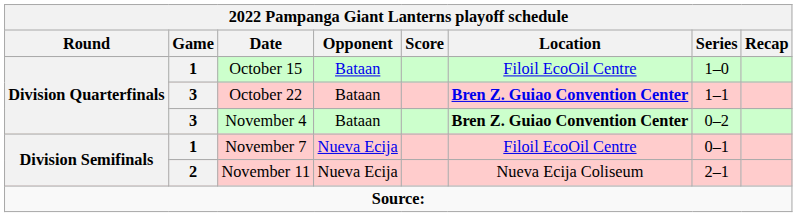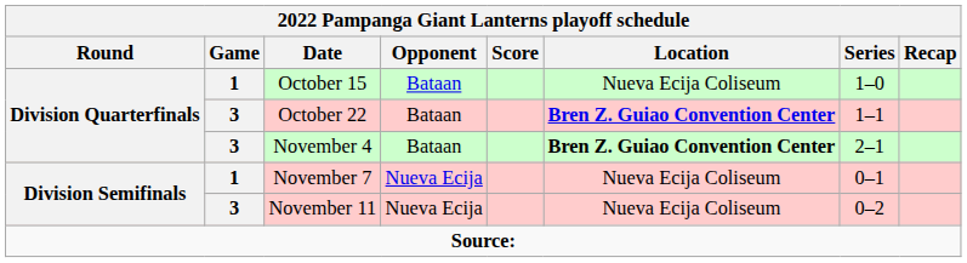 <table class="wikitable" style="text-align:center">
 <tr>
 <th colspan=8>2022 Pampanga Giant Lanterns playoff schedule</th>
 </tr>
 <tr>
 <th>Round</th>
 <th>Game</th>
 <th>Date</th>
 <th>Opponent</th>
 <th>Score</th>
 <th>Location</th>
 <th>Series</th>
 <th>Recap<br></th>
 </tr>
 <tr style="background:#cfc">
 <th rowspan=3>Division Quarterfinals</th>
 <th>1</th>
 <td>October 15</td>
 <td><a href='#'>Bataan</a></td>
 <td></td>
-<td><a href='#'>Filoil EcoOil Centre</a></td>
+<td>Nueva Ecija Coliseum</td>
 <td>1–0</td>
 <td></td>
 </tr>
 <tr style="background:#fcc">
 <th>3</th>
 <td>October 22</td>
 <td>Bataan</td>
 <td></td>
 <td><strong><a href='#'>Bren Z. Guiao Convention Center</a></strong></td>
 <td>1–1</td>
 <td></td>
 </tr>
 <tr style="background:#cfc">
 <th>3</th>
 <td>November 4</td>
 <td>Bataan</td>
 <td></td>
 <td><strong>Bren Z. Guiao Convention Center</strong></td>
-<td>0–2</td>
+<td>2–1</td>
 <td><br></td>
 </tr>
 <tr style="background:#fcc">
 <th rowspan=2>Division Semifinals</th>
 <th>1</th>
 <td>November 7</td>
 <td><a href='#'>Nueva Ecija</a></td>
 <td></td>
-<td><a href='#'>Filoil EcoOil Centre</a></td>
+<td>Nueva Ecija Coliseum</td>
 <td>0–1</td>
 <td></td>
 </tr>
 <tr style="background:#fcc">
-<th>2</th>
+<th>3</th>
 <td>November 11</td>
 <td>Nueva Ecija</td>
 <td></td>
 <td>Nueva Ecija Coliseum</td>
-<td>2–1</td>
+<td>0–2</td>
 <td></td>
 </tr>
 <tr>
 <td colspan=8 align=center><strong>Source: </strong></td>
 </tr>
 </table>
